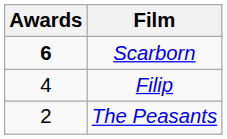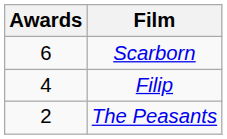 <table class="wikitable plainrowheaders" style="text-align:center;">
 <tr>
 <th scope="col" style="width:55px;">Awards</th>
 <th scope="col" style="text-align:center;">Film</th>
 </tr>
 <tr>
-<td><strong>6</strong></td>
+<td>6</td>
 <td><em><a href='#'>Scarborn</a></em></td>
 </tr>
 <tr>
 <td>4</td>
 <td><em><a href='#'>Filip</a></em></td>
 </tr>
 <tr>
 <td>2</td>
 <td><em><a href='#'>The Peasants</a></em></td>
 </tr>
 </table>
